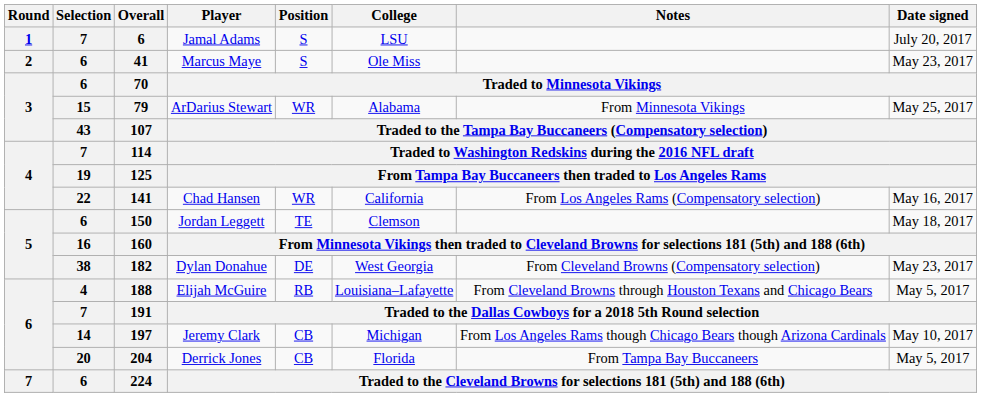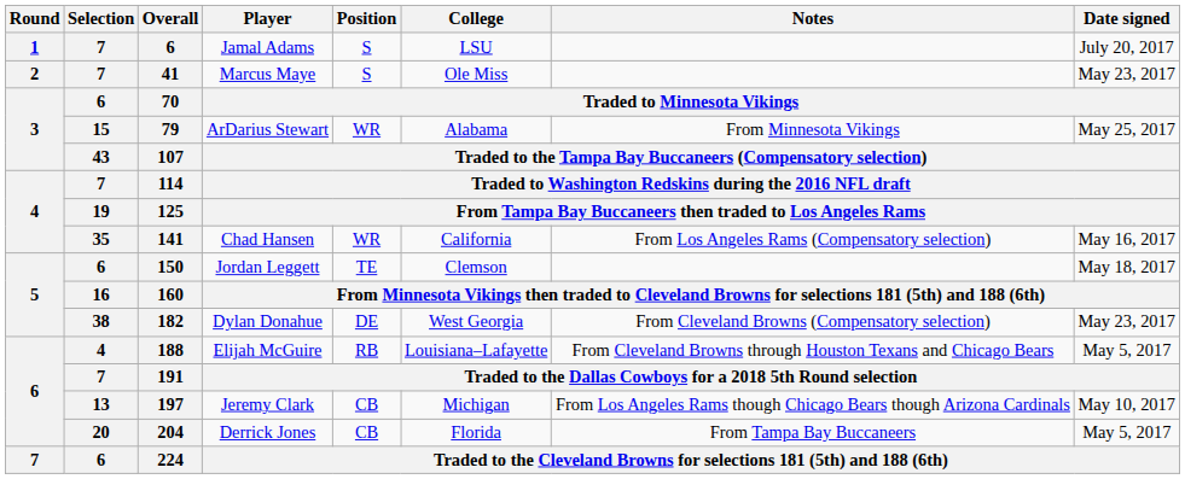 <table class="wikitable" style="text-align:center">
 <tr>
 <th>Round</th>
 <th>Selection</th>
 <th>Overall</th>
 <th>Player</th>
 <th>Position</th>
 <th>College</th>
 <th>Notes</th>
 <th>Date signed</th>
 </tr>
 <tr>
 <th><a href='#'>1</a></th>
 <th>7</th>
 <th>6</th>
 <td><a href='#'>Jamal Adams</a></td>
 <td><a href='#'>S</a></td>
 <td><a href='#'>LSU</a></td>
 <td></td>
 <td>July 20, 2017</td>
 </tr>
 <tr>
 <th>2</th>
-<th>6</th>
+<th>7</th>
 <th>41</th>
 <td><a href='#'>Marcus Maye</a></td>
 <td><a href='#'>S</a></td>
 <td><a href='#'>Ole Miss</a></td>
 <td></td>
 <td>May 23, 2017</td>
 </tr>
 <tr>
 <th rowspan=3>3</th>
 <th>6</th>
 <th>70</th>
 <th colspan=5>Traded to <a href='#'>Minnesota Vikings</a></th>
 </tr>
 <tr>
 <th>15</th>
 <th>79</th>
 <td><a href='#'>ArDarius Stewart</a></td>
 <td><a href='#'>WR</a></td>
 <td><a href='#'>Alabama</a></td>
 <td>From <a href='#'>Minnesota Vikings</a></td>
 <td>May 25, 2017</td>
 </tr>
 <tr>
 <th>43</th>
 <th>107</th>
 <th colspan=5>Traded to the <a href='#'>Tampa Bay Buccaneers</a> (<a href='#'>Compensatory selection</a>)</th>
 </tr>
 <tr>
 <th rowspan=3>4</th>
 <th>7</th>
 <th>114</th>
 <th colspan=5>Traded to <a href='#'>Washington Redskins</a> during the <a href='#'>2016 NFL draft</a></th>
 </tr>
 <tr>
 <th>19</th>
 <th>125</th>
 <th colspan=5>From <a href='#'>Tampa Bay Buccaneers</a> then traded to <a href='#'>Los Angeles Rams</a></th>
 </tr>
 <tr>
-<th>22</th>
+<th>35</th>
 <th>141</th>
 <td><a href='#'>Chad Hansen</a></td>
 <td><a href='#'>WR</a></td>
 <td><a href='#'>California</a></td>
 <td>From <a href='#'>Los Angeles Rams</a> (<a href='#'>Compensatory selection</a>)</td>
 <td>May 16, 2017</td>
 </tr>
 <tr>
 <th rowspan=3>5</th>
 <th>6</th>
 <th>150</th>
 <td><a href='#'>Jordan Leggett</a></td>
 <td><a href='#'>TE</a></td>
 <td><a href='#'>Clemson</a></td>
 <td></td>
 <td>May 18, 2017</td>
 </tr>
 <tr>
 <th>16</th>
 <th>160</th>
 <th colspan=5>From <a href='#'>Minnesota Vikings</a> then traded to <a href='#'>Cleveland Browns</a> for selections 181 (5th) and 188 (6th)</th>
 </tr>
 <tr>
 <th>38</th>
 <th>182</th>
 <td><a href='#'>Dylan Donahue</a></td>
 <td><a href='#'>DE</a></td>
 <td><a href='#'>West Georgia</a></td>
 <td>From <a href='#'>Cleveland Browns</a> (<a href='#'>Compensatory selection</a>)</td>
 <td>May 23, 2017</td>
 </tr>
 <tr>
 <th rowspan=4>6</th>
 <th>4</th>
 <th>188</th>
 <td><a href='#'>Elijah McGuire</a></td>
 <td><a href='#'>RB</a></td>
 <td><a href='#'>Louisiana–Lafayette</a></td>
 <td>From <a href='#'>Cleveland Browns</a> through <a href='#'>Houston Texans</a> and <a href='#'>Chicago Bears</a></td>
 <td>May 5, 2017</td>
 </tr>
 <tr>
 <th>7</th>
 <th>191</th>
 <th colspan=5>Traded to the <a href='#'>Dallas Cowboys</a> for a 2018 5th Round selection</th>
 </tr>
 <tr>
-<th>14</th>
+<th>13</th>
 <th>197</th>
 <td><a href='#'>Jeremy Clark</a></td>
 <td><a href='#'>CB</a></td>
 <td><a href='#'>Michigan</a></td>
 <td>From <a href='#'>Los Angeles Rams</a> though <a href='#'>Chicago Bears</a> though <a href='#'>Arizona Cardinals</a></td>
 <td>May 10, 2017</td>
 </tr>
 <tr>
 <th>20</th>
 <th>204</th>
 <td><a href='#'>Derrick Jones</a></td>
 <td><a href='#'>CB</a></td>
 <td><a href='#'>Florida</a></td>
 <td>From <a href='#'>Tampa Bay Buccaneers</a></td>
 <td>May 5, 2017</td>
 </tr>
 <tr>
 <th>7</th>
 <th>6</th>
 <th>224</th>
 <th colspan=5>Traded to the <a href='#'>Cleveland Browns</a> for selections 181 (5th) and 188 (6th)</th>
 </tr>
 </table>
